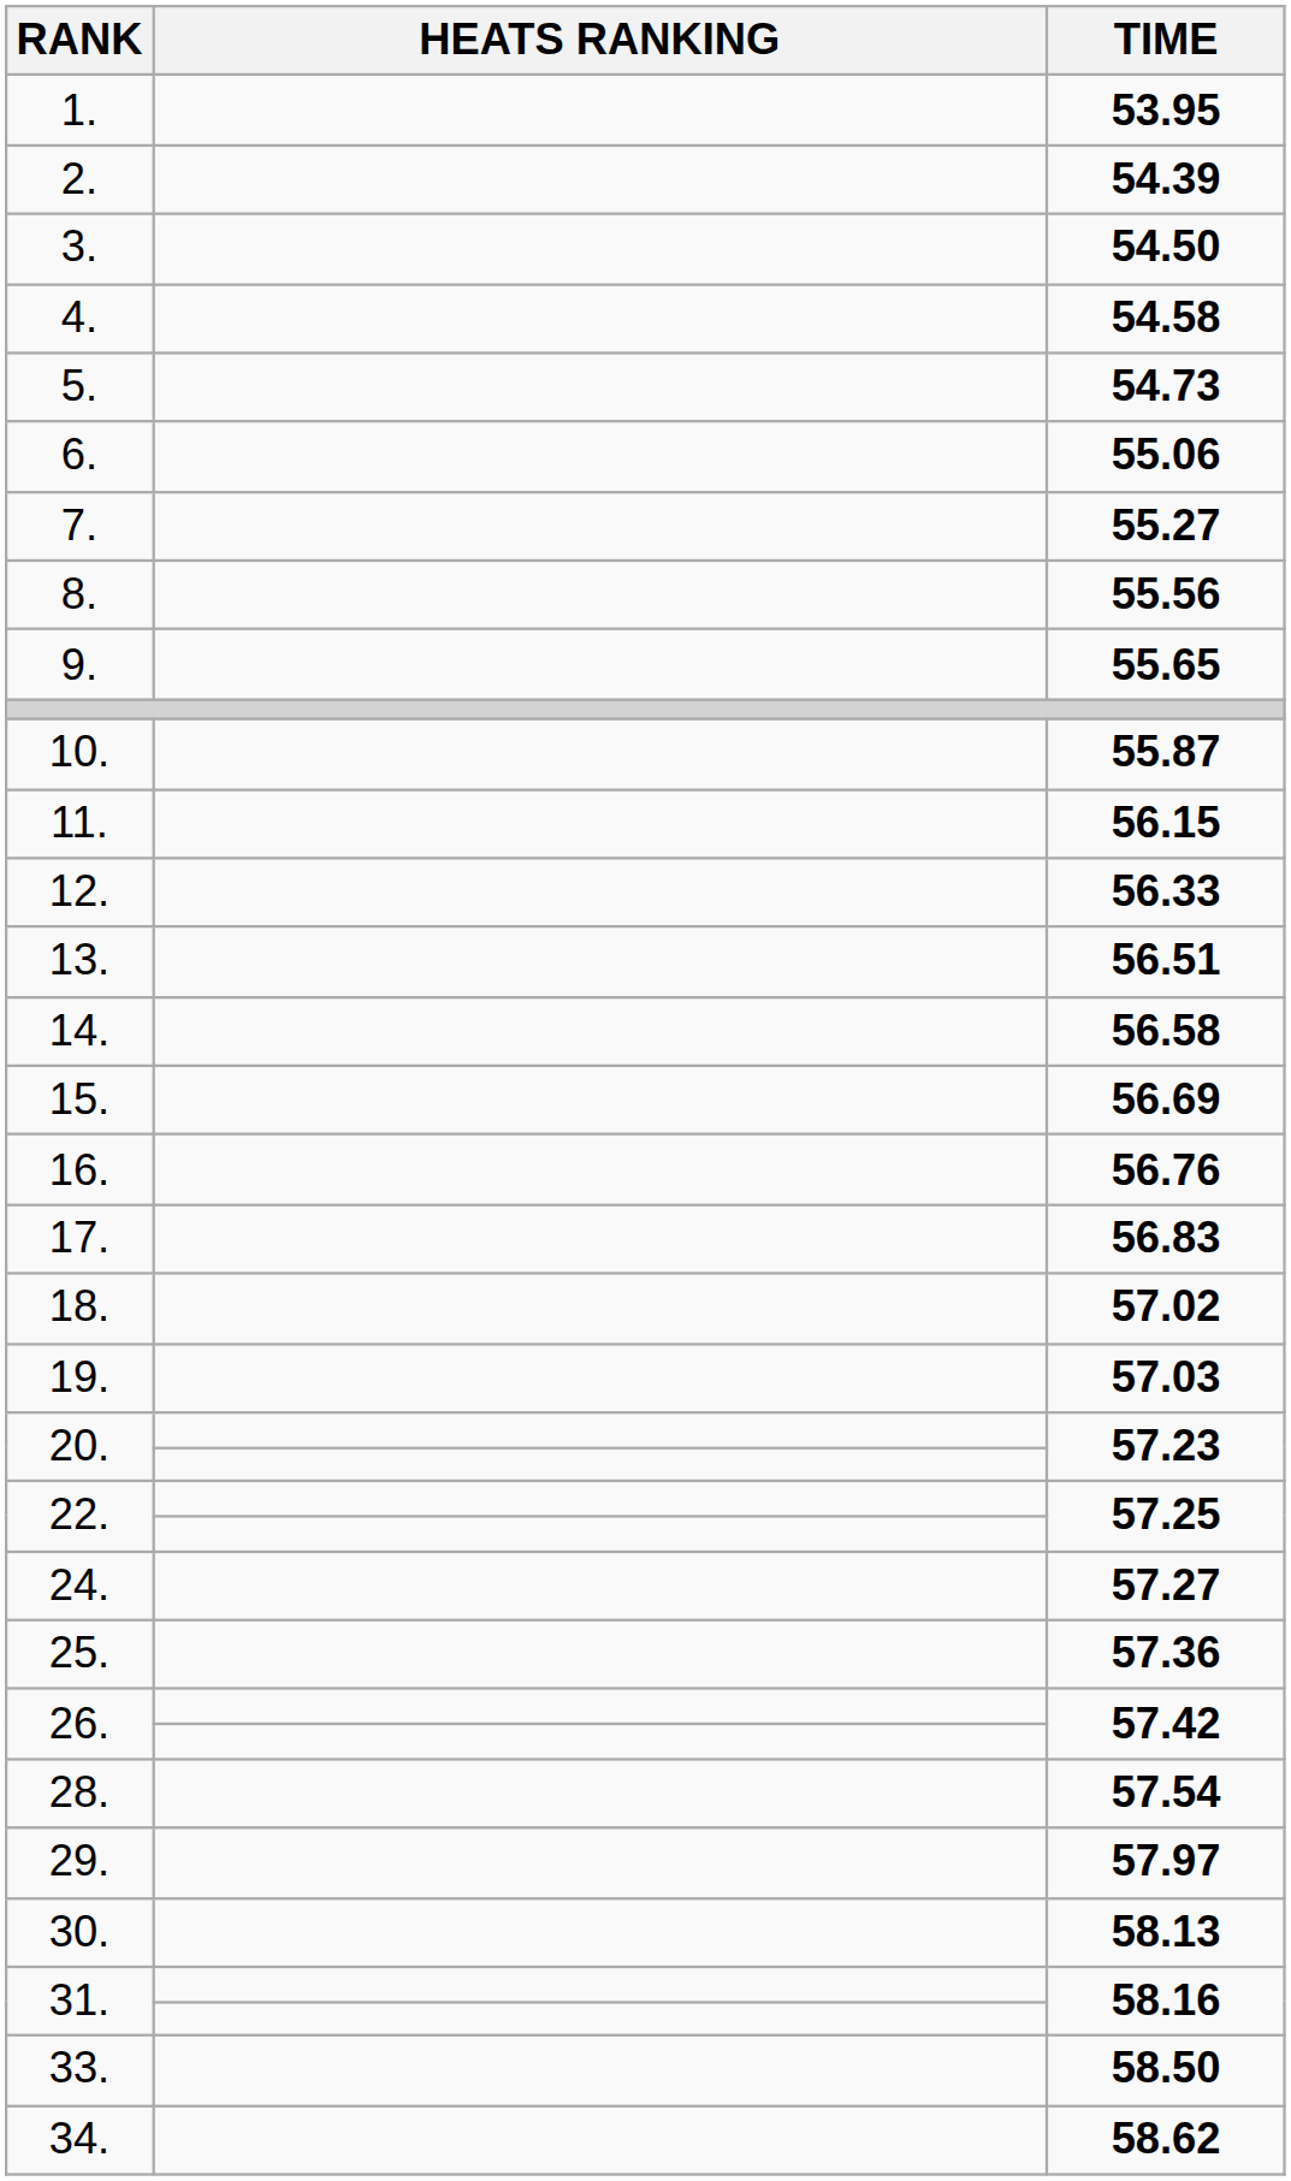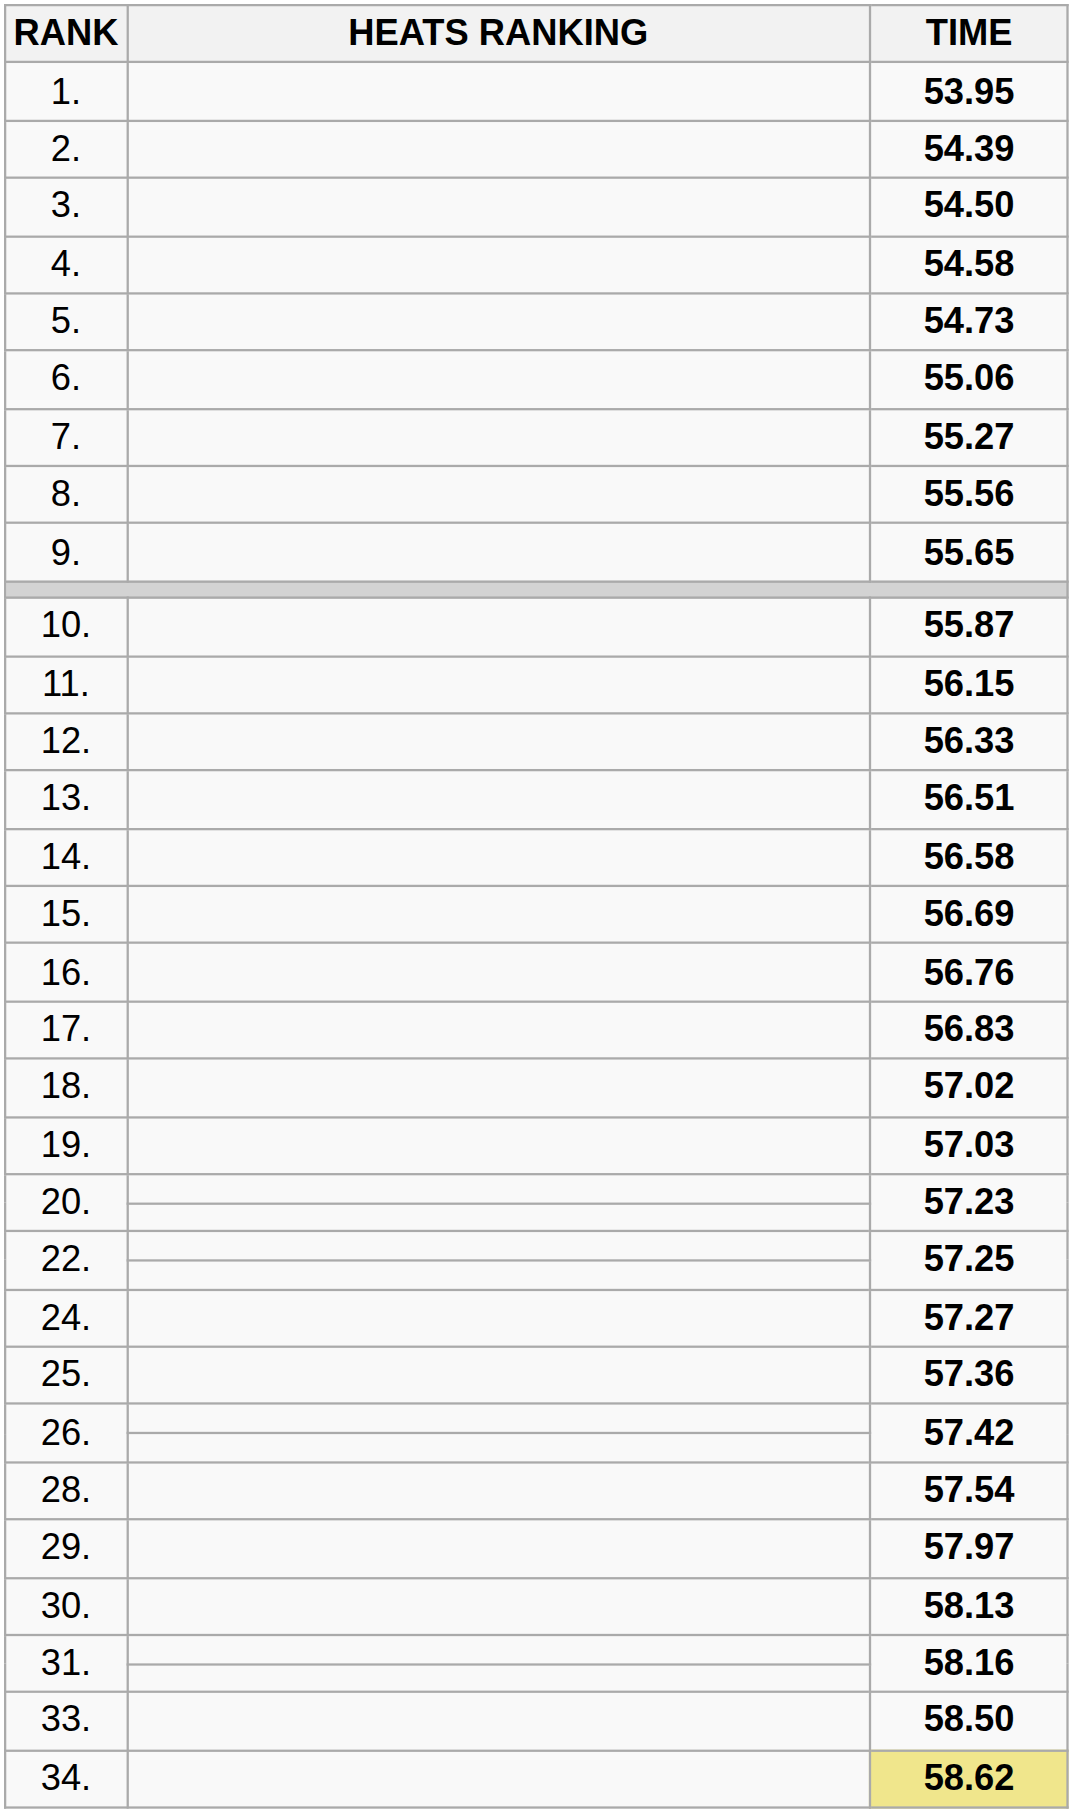 <table class="wikitable">
 <tr>
 <th>RANK</th>
 <th style="width: 20em">HEATS RANKING</th>
 <th style="width: 5em">TIME</th>
 </tr>
 <tr>
 <td align="center">1.</td>
 <td></td>
 <td align="center"><strong>53.95</strong></td>
 </tr>
 <tr>
 <td align="center">2.</td>
 <td></td>
 <td align="center"><strong>54.39</strong></td>
 </tr>
 <tr>
 <td align="center">3.</td>
 <td></td>
 <td align="center"><strong>54.50</strong></td>
 </tr>
 <tr>
 <td align="center">4.</td>
 <td></td>
 <td align="center"><strong>54.58</strong></td>
 </tr>
 <tr>
 <td align="center">5.</td>
 <td></td>
 <td align="center"><strong>54.73</strong></td>
 </tr>
 <tr>
 <td align="center">6.</td>
 <td></td>
 <td align="center"><strong>55.06</strong></td>
 </tr>
 <tr>
 <td align="center">7.</td>
 <td> </td>
 <td align="center"><strong>55.27 </strong></td>
 </tr>
 <tr>
 <td align="center">8.</td>
 <td></td>
 <td align="center"><strong>55.56</strong></td>
 </tr>
 <tr>
 <td align="center">9.</td>
 <td></td>
 <td align="center"><strong>55.65</strong></td>
 </tr>
 <tr>
 <td colspan=3 bgcolor=lightgray></td>
 </tr>
 <tr>
 <td align="center">10.</td>
 <td></td>
 <td align="center"><strong>55.87</strong></td>
 </tr>
 <tr>
 <td align="center">11.</td>
 <td></td>
 <td align="center"><strong>56.15</strong></td>
 </tr>
 <tr>
 <td align="center">12.</td>
 <td></td>
 <td align="center"><strong>56.33</strong></td>
 </tr>
 <tr>
 <td align="center">13.</td>
 <td></td>
 <td align="center"><strong>56.51</strong></td>
 </tr>
 <tr>
 <td align="center">14.</td>
 <td></td>
 <td align="center"><strong>56.58</strong></td>
 </tr>
 <tr>
 <td align="center">15.</td>
 <td></td>
 <td align="center"><strong>56.69</strong></td>
 </tr>
 <tr>
 <td align="center">16.</td>
 <td></td>
 <td align="center"><strong>56.76</strong></td>
 </tr>
 <tr>
 <td align="center">17.</td>
 <td></td>
 <td align="center"><strong>56.83</strong></td>
 </tr>
 <tr>
 <td align="center">18.</td>
 <td></td>
 <td align="center"><strong>57.02</strong></td>
 </tr>
 <tr>
 <td align="center">19.</td>
 <td></td>
 <td align="center"><strong>57.03</strong></td>
 </tr>
 <tr>
 <td rowspan=2 align="center">20.</td>
 <td></td>
 <td rowspan=2 align="center"><strong>57.23</strong></td>
 </tr>
 <tr>
 <td></td>
 </tr>
 <tr>
 <td rowspan=2 align="center">22.</td>
 <td></td>
 <td rowspan=2 align="center"><strong>57.25</strong></td>
 </tr>
 <tr>
 <td></td>
 </tr>
 <tr>
 <td align="center">24.</td>
 <td></td>
 <td align="center"><strong>57.27</strong></td>
 </tr>
 <tr>
 <td align="center">25.</td>
 <td></td>
 <td align="center"><strong>57.36</strong></td>
 </tr>
 <tr>
 <td rowspan=2 align="center">26.</td>
 <td></td>
 <td rowspan=2 align="center"><strong>57.42</strong></td>
 </tr>
 <tr>
 <td></td>
 </tr>
 <tr>
 <td align="center">28.</td>
 <td></td>
 <td align="center"><strong>57.54</strong></td>
 </tr>
 <tr>
 <td align="center">29.</td>
 <td></td>
 <td align="center"><strong>57.97</strong></td>
 </tr>
 <tr>
 <td align="center">30.</td>
 <td></td>
 <td align="center"><strong>58.13</strong></td>
 </tr>
 <tr>
 <td rowspan=2 align="center">31.</td>
 <td></td>
 <td rowspan=2 align="center"><strong>58.16</strong></td>
 </tr>
 <tr>
 <td></td>
 </tr>
 <tr>
 <td align="center">33.</td>
 <td></td>
 <td align="center"><strong>58.50</strong></td>
 </tr>
 <tr>
 <td align="center">34.</td>
 <td></td>
-<td align="center"><strong>58.62</strong></td>
+<td align="center" style="background: khaki;"><strong>58.62</strong></td>
 </tr>
 </table>
